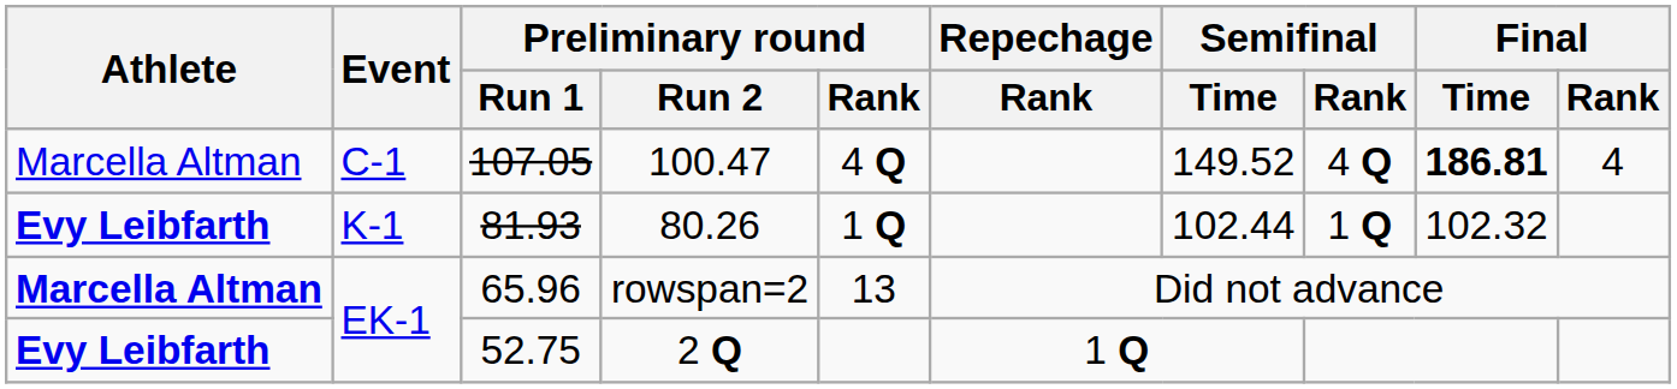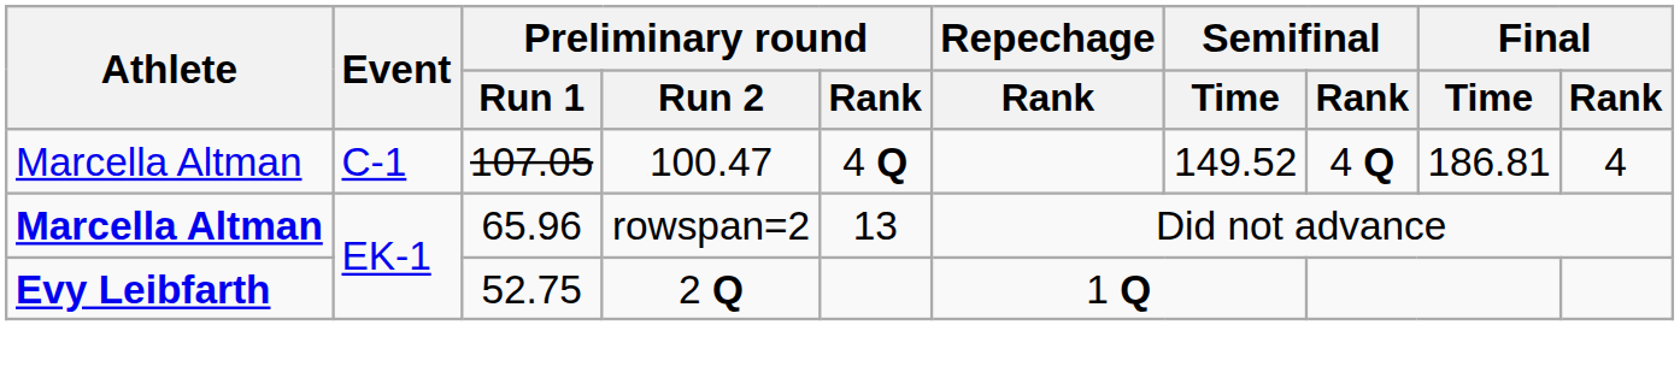 <table class=wikitable style=font-size:90%;text-align:center>
 <tr>
 <th rowspan=2>Athlete</th>
 <th rowspan=2>Event</th>
 <th colspan=3>Preliminary round</th>
 <th>Repechage</th>
 <th colspan=2>Semifinal</th>
 <th colspan=2>Final</th>
 </tr>
 <tr style=font-size:95%>
 <th>Run 1</th>
 <th>Run 2</th>
 <th>Rank</th>
 <th>Rank</th>
 <th>Time</th>
 <th>Rank</th>
 <th>Time</th>
 <th>Rank</th>
 </tr>
 <tr>
 <td align=left><a href='#'>Marcella Altman</a></td>
 <td align=left><a href='#'>C-1</a></td>
 <td><s>107.05</s></td>
 <td>100.47</td>
 <td>4 <strong>Q</strong></td>
 <td></td>
 <td>149.52</td>
 <td>4 <strong>Q</strong></td>
-<td><strong>186.81</strong></td>
+<td>186.81</td>
 <td>4</td>
-</tr>
-<tr>
-<td align=left><strong><a href='#'>Evy Leibfarth</a></strong></td>
-<td align=left><a href='#'>K-1</a></td>
-<td><s>81.93</s></td>
-<td>80.26</td>
-<td>1 <strong>Q</strong></td>
-<td></td>
-<td>102.44</td>
-<td>1 <strong>Q</strong></td>
-<td>102.32</td>
-<td></td>
 </tr>
 <tr>
 <td align=left><strong><a href='#'>Marcella Altman</a></strong></td>
 <td align=left rowspan=2><a href='#'>EK-1</a></td>
 <td>65.96</td>
 <td>rowspan=2 </td>
 <td>13</td>
 <td colspan=5>Did not advance</td>
 </tr>
 <tr>
 <td align=left><strong><a href='#'>Evy Leibfarth</a></strong></td>
 <td>52.75</td>
 <td>2 <strong>Q</strong></td>
 <td></td>
 <td colspan=2>1 <strong>Q</strong></td>
 <td colspan=2></td>
 </tr>
 </table>
